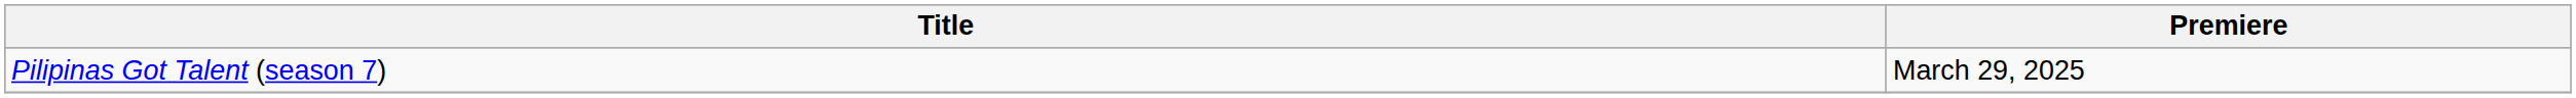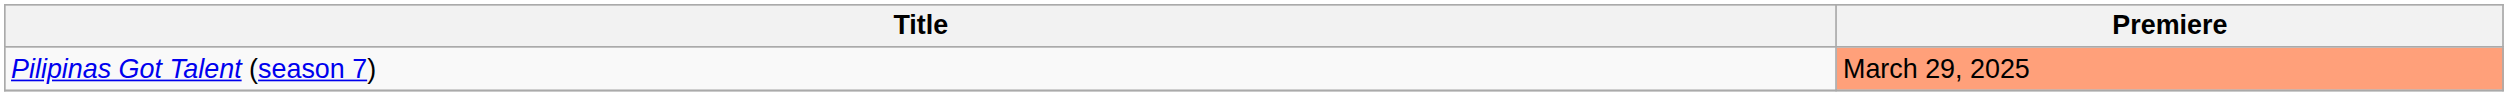 <table class="wikitable sortable" width="75%">
 <tr>
 <th style="width:55%;">Title</th>
 <th style="width:20%;">Premiere</th>
 </tr>
 <tr>
 <td><em><a href='#'>Pilipinas Got Talent</a></em> (<a href='#'>season 7</a>)</td>
-<td>March 29, 2025</td>
+<td style="background: lightsalmon;">March 29, 2025</td>
 </tr>
 <tr>
 </tr>
 </table>
